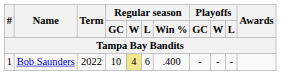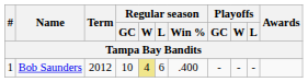 <table class="wikitable" style="text-align:center">
 <tr>
 <th rowspan="2">#</th>
 <th rowspan="2">Name</th>
 <th rowspan="2">Term</th>
 <th colspan="4">Regular season</th>
 <th colspan="3">Playoffs</th>
 <th rowspan="2">Awards</th>
 </tr>
 <tr>
 <th>GC</th>
 <th>W</th>
 <th>L</th>
 <th>Win %</th>
 <th>GC</th>
 <th>W</th>
 <th>L</th>
 </tr>
 <tr>
 <th colspan="11">Tampa Bay Bandits</th>
 </tr>
 <tr>
 <td>1</td>
 <td><a href='#'>Bob Saunders</a></td>
-<td>2022</td>
+<td>2012</td>
 <td>10</td>
 <td style="background: khaki;">4</td>
 <td>6</td>
 <td>.400</td>
 <td>-</td>
 <td>-</td>
 <td>-</td>
 <td></td>
 </tr>
 </table>
